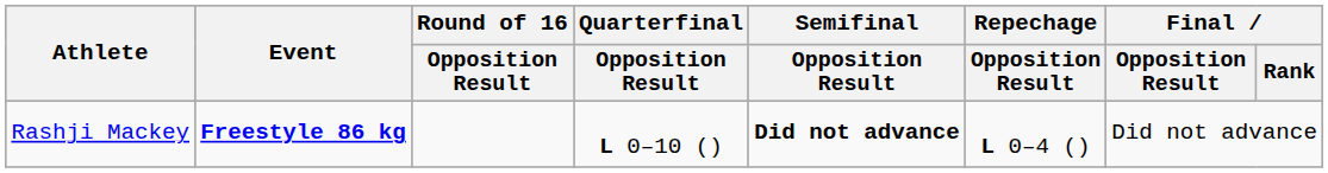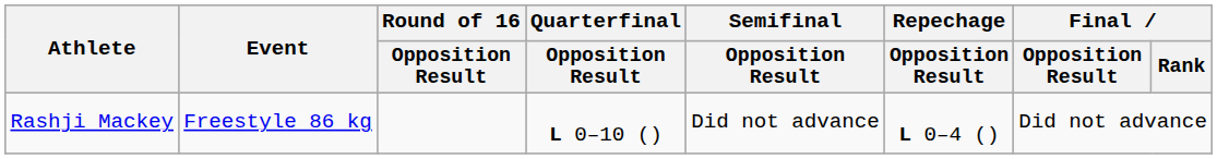 <table class=wikitable style=font-size:90%;text-align:center>
 <tr>
 <th rowspan=2>Athlete</th>
 <th rowspan=2>Event</th>
 <th>Round of 16</th>
 <th>Quarterfinal</th>
 <th>Semifinal</th>
 <th>Repechage</th>
 <th colspan=2>Final / </th>
 </tr>
 <tr style=font-size:95%>
 <th>Opposition<br>Result</th>
 <th>Opposition<br>Result</th>
 <th>Opposition<br>Result</th>
 <th>Opposition<br>Result</th>
 <th>Opposition<br>Result</th>
 <th>Rank</th>
 </tr>
 <tr>
 <td align=left><a href='#'>Rashji Mackey</a></td>
-<td align=left><strong><a href='#'>Freestyle 86 kg</a></strong></td>
+<td align=left><a href='#'>Freestyle 86 kg</a></td>
 <td></td>
 <td><br><strong>L</strong> 0–10 ()</td>
-<td><strong>Did not advance</strong></td>
+<td>Did not advance</td>
 <td><br><strong>L</strong> 0–4 ()</td>
 <td colspan=2>Did not advance</td>
 </tr>
 </table>
